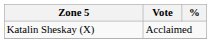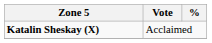 <table class="wikitable">
 <tr>
 <th bgcolor="#DDDDFF" width="200px">Zone 5</th>
 <th bgcolor="#DDDDFF" width="50px">Vote</th>
 <th bgcolor="#DDDDFF" width="30px">%</th>
 </tr>
 <tr>
-<td>Katalin Sheskay (X)</td>
+<td><strong>Katalin Sheskay (X)</strong></td>
 <td colspan=2>Acclaimed</td>
 </tr>
 <tr>
 </tr>
 </table>
